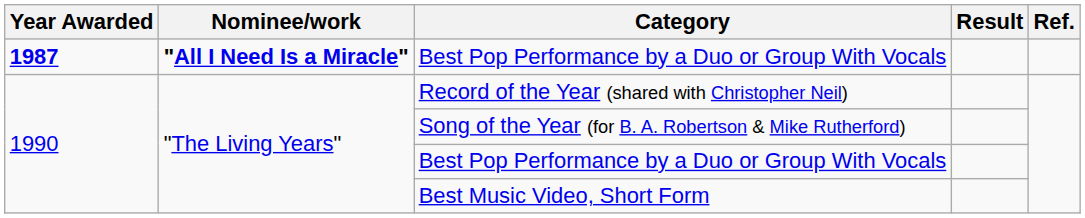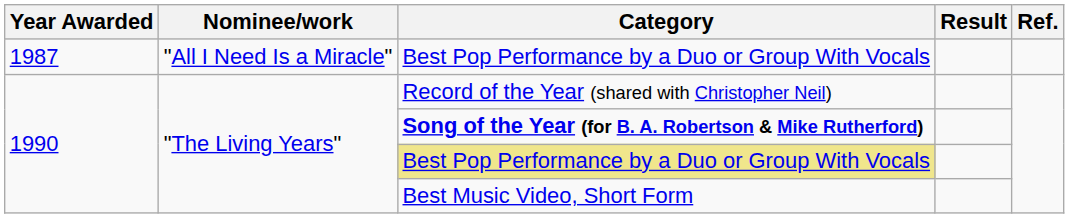 <table class="wikitable">
 <tr>
 <th>Year Awarded</th>
 <th>Nominee/work</th>
 <th>Category</th>
 <th>Result</th>
 <th>Ref.</th>
 </tr>
 <tr>
-<td><strong><a href='#'>1987</a></strong></td>
-<td><strong>"<a href='#'>All I Need Is a Miracle</a>"</strong></td>
+<td><a href='#'>1987</a></td>
+<td>"<a href='#'>All I Need Is a Miracle</a>"</td>
 <td><a href='#'>Best Pop Performance by a Duo or Group With Vocals</a></td>
 <td></td>
 <td></td>
 </tr>
 <tr>
 <td rowspan="4"><a href='#'>1990</a></td>
 <td rowspan="4">"<a href='#'>The Living Years</a>"</td>
 <td><a href='#'>Record of the Year</a> <small>(shared with <a href='#'>Christopher Neil</a>)</small></td>
 <td></td>
 <td rowspan="4"></td>
 </tr>
 <tr>
-<td><a href='#'>Song of the Year</a> <small>(for <a href='#'>B. A. Robertson</a> & <a href='#'>Mike Rutherford</a>)</small></td>
+<td><strong><a href='#'>Song of the Year</a> <small>(for <a href='#'>B. A. Robertson</a> & <a href='#'>Mike Rutherford</a>)</small></strong></td>
 <td></td>
 </tr>
 <tr>
-<td><a href='#'>Best Pop Performance by a Duo or Group With Vocals</a></td>
+<td style="background: khaki;"><a href='#'>Best Pop Performance by a Duo or Group With Vocals</a></td>
 <td></td>
 </tr>
 <tr>
 <td><a href='#'>Best Music Video, Short Form</a></td>
 <td></td>
 </tr>
 </table>
